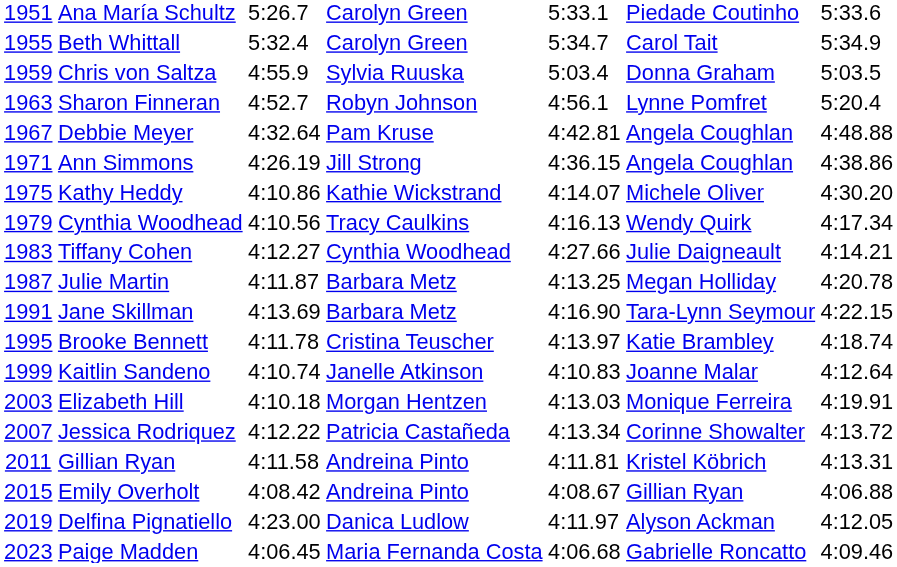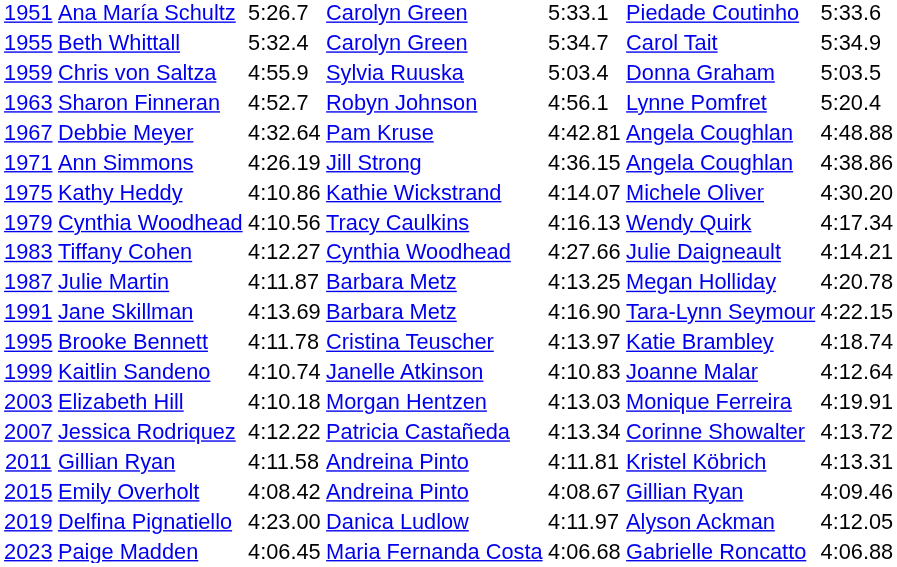 <table>
 <tr>
 <td align=center><a href='#'>1951</a></td>
 <td> <a href='#'>Ana María Schultz</a></td>
 <td>5:26.7</td>
 <td> <a href='#'>Carolyn Green</a></td>
 <td>5:33.1</td>
 <td> <a href='#'>Piedade Coutinho</a></td>
 <td>5:33.6</td>
 </tr>
 <tr>
 <td align=center><a href='#'>1955</a></td>
 <td> <a href='#'>Beth Whittall</a></td>
 <td>5:32.4</td>
 <td> <a href='#'>Carolyn Green</a></td>
 <td>5:34.7</td>
 <td> <a href='#'>Carol Tait</a></td>
 <td>5:34.9</td>
 </tr>
 <tr>
 <td align=center><a href='#'>1959</a></td>
 <td> <a href='#'>Chris von Saltza</a></td>
 <td>4:55.9</td>
 <td> <a href='#'>Sylvia Ruuska</a></td>
 <td>5:03.4</td>
 <td> <a href='#'>Donna Graham</a></td>
 <td>5:03.5</td>
 </tr>
 <tr>
 <td align=center><a href='#'>1963</a></td>
 <td> <a href='#'>Sharon Finneran</a></td>
 <td>4:52.7</td>
 <td> <a href='#'>Robyn Johnson</a></td>
 <td>4:56.1</td>
 <td> <a href='#'>Lynne Pomfret</a></td>
 <td>5:20.4</td>
 </tr>
 <tr>
 <td align=center><a href='#'>1967</a></td>
 <td> <a href='#'>Debbie Meyer</a></td>
 <td>4:32.64</td>
 <td> <a href='#'>Pam Kruse</a></td>
 <td>4:42.81</td>
 <td> <a href='#'>Angela Coughlan</a></td>
 <td>4:48.88</td>
 </tr>
 <tr>
 <td align=center><a href='#'>1971</a></td>
 <td> <a href='#'>Ann Simmons</a></td>
 <td>4:26.19</td>
 <td> <a href='#'>Jill Strong</a></td>
 <td>4:36.15</td>
 <td> <a href='#'>Angela Coughlan</a></td>
 <td>4:38.86</td>
 </tr>
 <tr>
 <td align=center><a href='#'>1975</a></td>
 <td> <a href='#'>Kathy Heddy</a></td>
 <td>4:10.86</td>
 <td> <a href='#'>Kathie Wickstrand</a></td>
 <td>4:14.07</td>
 <td> <a href='#'>Michele Oliver</a></td>
 <td>4:30.20</td>
 </tr>
 <tr>
 <td align=center><a href='#'>1979</a></td>
 <td> <a href='#'>Cynthia Woodhead</a></td>
 <td>4:10.56</td>
 <td> <a href='#'>Tracy Caulkins</a></td>
 <td>4:16.13</td>
 <td> <a href='#'>Wendy Quirk</a></td>
 <td>4:17.34</td>
 </tr>
 <tr>
 <td align=center><a href='#'>1983</a></td>
 <td> <a href='#'>Tiffany Cohen</a></td>
 <td>4:12.27</td>
 <td> <a href='#'>Cynthia Woodhead</a></td>
 <td>4:27.66</td>
 <td> <a href='#'>Julie Daigneault</a></td>
 <td>4:14.21</td>
 </tr>
 <tr>
 <td align=center><a href='#'>1987</a></td>
 <td> <a href='#'>Julie Martin</a></td>
 <td>4:11.87</td>
 <td> <a href='#'>Barbara Metz</a></td>
 <td>4:13.25</td>
 <td> <a href='#'>Megan Holliday</a></td>
 <td>4:20.78</td>
 </tr>
 <tr>
 <td align=center><a href='#'>1991</a></td>
 <td> <a href='#'>Jane Skillman</a></td>
 <td>4:13.69</td>
 <td> <a href='#'>Barbara Metz</a></td>
 <td>4:16.90</td>
 <td> <a href='#'>Tara-Lynn Seymour</a></td>
 <td>4:22.15</td>
 </tr>
 <tr>
 <td align=center><a href='#'>1995</a></td>
 <td> <a href='#'>Brooke Bennett</a></td>
 <td>4:11.78</td>
 <td> <a href='#'>Cristina Teuscher</a></td>
 <td>4:13.97</td>
 <td> <a href='#'>Katie Brambley</a></td>
 <td>4:18.74</td>
 </tr>
 <tr>
 <td align=center><a href='#'>1999</a></td>
 <td> <a href='#'>Kaitlin Sandeno</a></td>
 <td>4:10.74</td>
 <td> <a href='#'>Janelle Atkinson</a></td>
 <td>4:10.83</td>
 <td> <a href='#'>Joanne Malar</a></td>
 <td>4:12.64</td>
 </tr>
 <tr>
 <td align=center><a href='#'>2003</a></td>
 <td> <a href='#'>Elizabeth Hill</a></td>
 <td>4:10.18</td>
 <td> <a href='#'>Morgan Hentzen</a></td>
 <td>4:13.03</td>
 <td> <a href='#'>Monique Ferreira</a></td>
 <td>4:19.91</td>
 </tr>
 <tr>
 <td align=center><a href='#'>2007</a></td>
 <td> <a href='#'>Jessica Rodriquez</a></td>
 <td>4:12.22</td>
 <td> <a href='#'>Patricia Castañeda</a></td>
 <td>4:13.34</td>
 <td> <a href='#'>Corinne Showalter</a></td>
 <td>4:13.72</td>
 </tr>
 <tr>
 <td align=center><a href='#'>2011</a></td>
 <td> <a href='#'>Gillian Ryan</a></td>
 <td>4:11.58</td>
 <td> <a href='#'>Andreina Pinto</a></td>
 <td>4:11.81</td>
 <td> <a href='#'>Kristel Köbrich</a></td>
 <td>4:13.31</td>
 </tr>
 <tr>
 <td align=center><a href='#'>2015</a></td>
 <td> <a href='#'>Emily Overholt</a></td>
 <td>4:08.42</td>
 <td> <a href='#'>Andreina Pinto</a></td>
 <td>4:08.67</td>
 <td> <a href='#'>Gillian Ryan</a></td>
-<td>4:06.88</td>
+<td>4:09.46</td>
 </tr>
 <tr>
 <td align=center><a href='#'>2019</a></td>
 <td> <a href='#'>Delfina Pignatiello</a></td>
 <td>4:23.00</td>
 <td> <a href='#'>Danica Ludlow</a></td>
 <td>4:11.97</td>
 <td> <a href='#'>Alyson Ackman</a></td>
 <td>4:12.05</td>
 </tr>
 <tr>
 <td align=center><a href='#'>2023</a></td>
 <td> <a href='#'>Paige Madden</a></td>
 <td>4:06.45</td>
 <td> <a href='#'>Maria Fernanda Costa</a></td>
 <td>4:06.68</td>
 <td> <a href='#'>Gabrielle Roncatto</a></td>
-<td>4:09.46</td>
+<td>4:06.88</td>
 </tr>
 </table>
